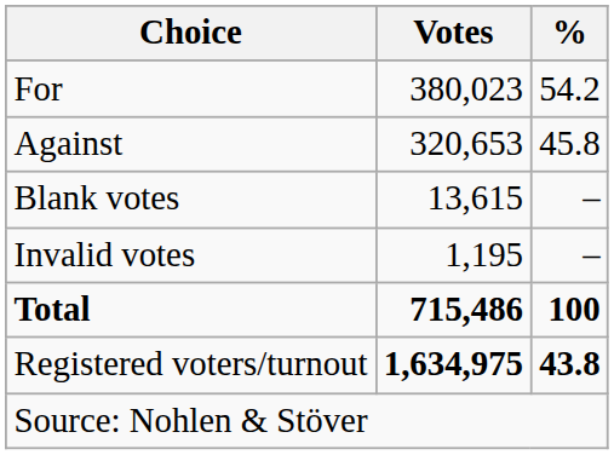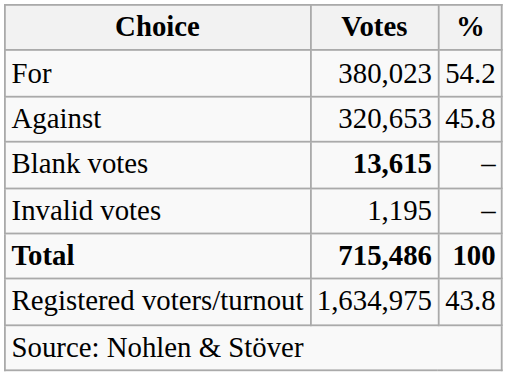 <table class=wikitable style=text-align:right>
 <tr>
 <th>Choice</th>
 <th>Votes</th>
 <th>%</th>
 </tr>
 <tr>
 <td align=left>For</td>
 <td>380,023</td>
 <td>54.2</td>
 </tr>
 <tr>
 <td align=left>Against</td>
 <td>320,653</td>
 <td>45.8</td>
 </tr>
 <tr>
 <td align=left>Blank votes</td>
-<td>13,615</td>
+<td><strong>13,615</strong></td>
 <td>–</td>
 </tr>
 <tr>
 <td align=left>Invalid votes</td>
 <td>1,195</td>
 <td>–</td>
 </tr>
 <tr>
 <td align=left><strong>Total</strong></td>
 <td><strong>715,486</strong></td>
 <td><strong>100</strong></td>
 </tr>
 <tr>
 <td align=left>Registered voters/turnout</td>
-<td><strong>1,634,975</strong></td>
-<td><strong>43.8</strong></td>
+<td>1,634,975</td>
+<td>43.8</td>
 </tr>
 <tr>
 <td align=left colspan=3>Source: Nohlen & Stöver</td>
 </tr>
 </table>
